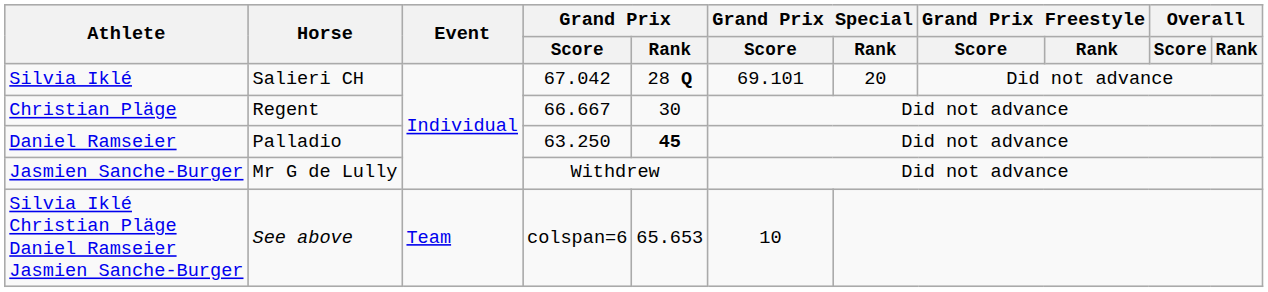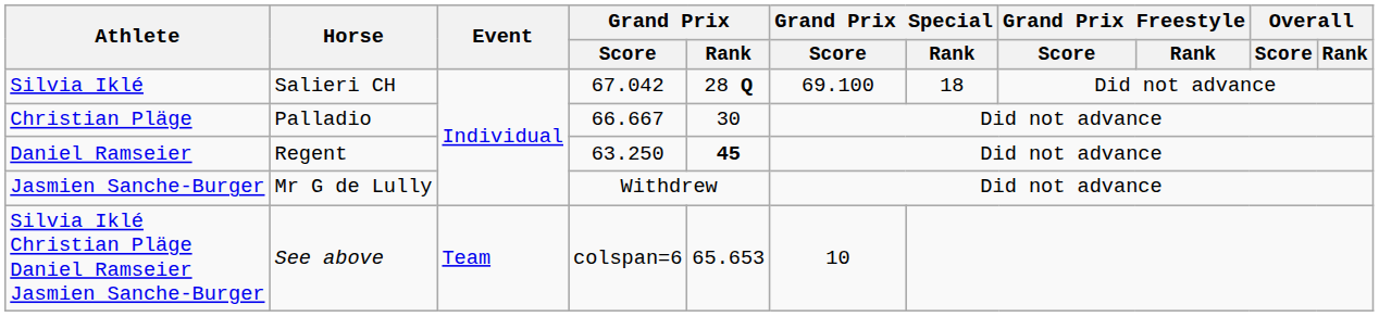 <table class=wikitable style="font-size:90%">
 <tr>
 <th rowspan="2">Athlete</th>
 <th rowspan="2">Horse</th>
 <th rowspan="2">Event</th>
 <th colspan="2">Grand Prix</th>
 <th colspan="2">Grand Prix Special</th>
 <th colspan="2">Grand Prix Freestyle</th>
 <th colspan="2">Overall</th>
 </tr>
 <tr style="font-size:95%">
 <th>Score</th>
 <th>Rank</th>
 <th>Score</th>
 <th>Rank</th>
 <th>Score</th>
 <th>Rank</th>
 <th>Score</th>
 <th>Rank</th>
 </tr>
 <tr align=center>
 <td align=left><a href='#'>Silvia Iklé</a></td>
 <td align=left>Salieri CH</td>
 <td align=left rowspan=4><a href='#'>Individual</a></td>
 <td>67.042</td>
 <td>28 <strong>Q</strong></td>
-<td>69.101</td>
-<td>20</td>
+<td>69.100</td>
+<td>18</td>
 <td colspan=4>Did not advance</td>
 </tr>
 <tr align=center>
 <td align=left><a href='#'>Christian Pläge</a></td>
-<td align=left>Regent</td>
+<td align=left>Palladio</td>
 <td>66.667</td>
 <td>30</td>
 <td colspan=6>Did not advance</td>
 </tr>
 <tr align=center>
 <td align=left><a href='#'>Daniel Ramseier</a></td>
-<td align=left>Palladio</td>
+<td align=left>Regent</td>
 <td>63.250</td>
 <td><strong>45</strong></td>
 <td colspan=6>Did not advance</td>
 </tr>
 <tr align=center>
 <td align=left><a href='#'>Jasmien Sanche-Burger</a></td>
 <td align=left>Mr G de Lully</td>
 <td colspan=2>Withdrew</td>
 <td colspan=6>Did not advance</td>
 </tr>
 <tr align=center>
 <td align=left><a href='#'>Silvia Iklé</a><br><a href='#'>Christian Pläge</a><br><a href='#'>Daniel Ramseier</a><br><a href='#'>Jasmien Sanche-Burger</a></td>
 <td align=left><em>See above</em></td>
 <td align=left><a href='#'>Team</a></td>
 <td>colspan=6 </td>
 <td>65.653</td>
 <td>10</td>
 </tr>
 </table>
